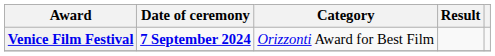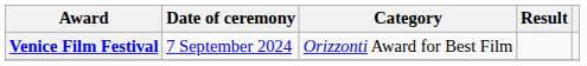 <table class="wikitable sortable plainrowheaders">
 <tr>
 <th scope="col">Award</th>
 <th scope="col">Date of ceremony</th>
 <th scope="col">Category</th>
 <th scope="col">Result</th>
 <th scope="col"></th>
 </tr>
 <tr>
 <th scope="row"><a href='#'>Venice Film Festival</a></th>
-<td><strong><a href='#'>7 September 2024</a></strong></td>
+<td><a href='#'>7 September 2024</a></td>
 <td><em><a href='#'>Orizzonti</a></em> Award for Best Film</td>
 <td></td>
 <td></td>
 </tr>
 <tr>
 </tr>
 </table>
